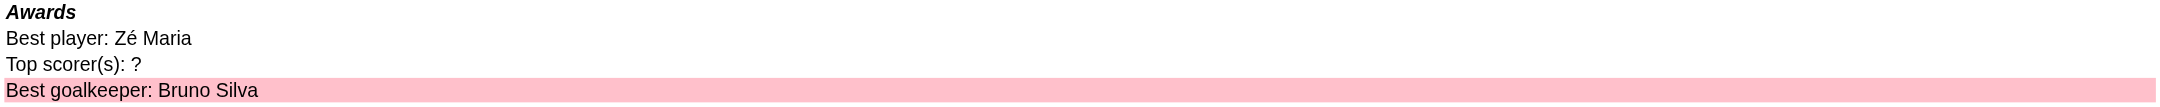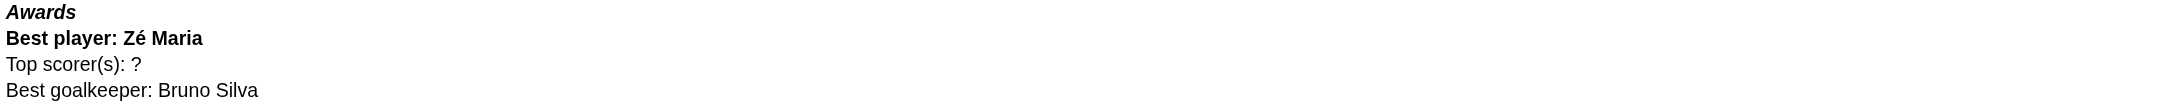 <table width=100% cellspacing=1 style="font-size: 90%;">
 <tr>
 <td><strong><em>Awards</em></strong></td>
 </tr>
 <tr>
-<td>Best player:  Zé Maria</td>
+<td><strong>Best player:  Zé Maria</strong></td>
 </tr>
 <tr>
 <td colspan=4>Top scorer(s):  ?</td>
 </tr>
 <tr>
-<td style="background: pink;">Best goalkeeper:  Bruno Silva</td>
+<td>Best goalkeeper:  Bruno Silva</td>
 </tr>
 </table>
